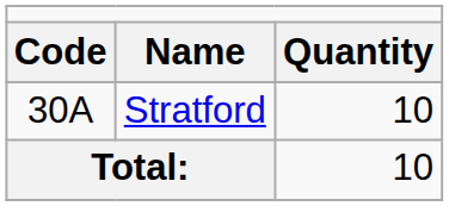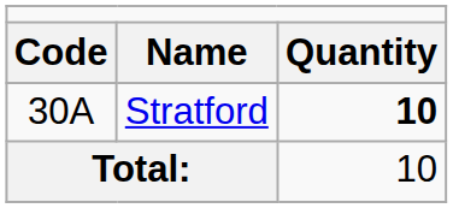 <table class=wikitable style="clear:right;float:right;">
 <tr>
 <td colspan=3></td>
 </tr>
 <tr>
 <th>Code</th>
 <th>Name</th>
 <th>Quantity</th>
 </tr>
 <tr>
 <td style="text-align:center">30A</td>
 <td><a href='#'>Stratford</a></td>
-<td style="text-align:right">10</td>
+<td style="text-align:right"><strong>10</strong></td>
 </tr>
 <tr>
 <th colspan=2 scope=row>Total:</th>
 <td style="text-align:right">10</td>
 </tr>
 </table>
